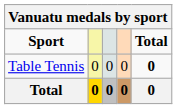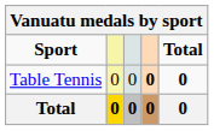 <table class="wikitable" style="font-size:85%;float:center;text-align:center">
 <tr>
 <th colspan="5"><strong>Vanuatu medals by sport</strong></th>
 </tr>
 <tr align="center">
 <td><strong>Sport</strong></td>
 <td bgcolor="#f7f6a8"></td>
 <td bgcolor="#dce5e5"></td>
 <td bgcolor="#ffdab9"></td>
 <td><strong>Total</strong></td>
 </tr>
 <tr align="center">
 <td align="left"><a href='#'>Table Tennis</a></td>
 <td bgcolor="#f7f6a8">0</td>
 <td bgcolor="#dce5e5">0</td>
-<td bgcolor="#ffdab9">0</td>
+<td bgcolor="#ffdab9"><strong>0</strong></td>
 <td><strong>0</strong></td>
 </tr>
 <tr align="center">
 <th bgcolor="#efefef"><strong>Total</strong></th>
 <th style="background:gold;"><strong>0</strong></th>
 <th style="background:silver;"><strong>0</strong></th>
 <th style="background:#c96;"><strong>0</strong></th>
 <th><strong>0</strong></th>
 </tr>
 </table>
